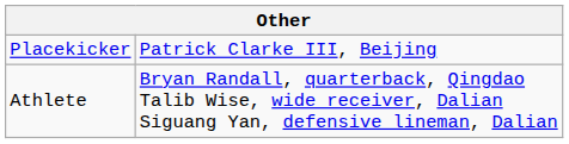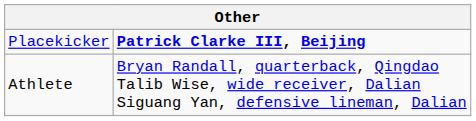 <table class="wikitable">
 <tr>
 <th colspan="6">Other</th>
 </tr>
 <tr>
 <td><a href='#'>Placekicker</a></td>
-<td><a href='#'>Patrick Clarke III</a>, <a href='#'>Beijing</a></td>
+<td><strong><a href='#'>Patrick Clarke III</a>, <a href='#'>Beijing</a></strong></td>
 </tr>
 <tr>
 <td>Athlete</td>
 <td><a href='#'>Bryan Randall</a>, <a href='#'>quarterback</a>, <a href='#'>Qingdao</a><br>Talib Wise, <a href='#'>wide receiver</a>, <a href='#'>Dalian</a><br>Siguang Yan, <a href='#'>defensive lineman</a>, <a href='#'>Dalian</a></td>
 </tr>
 </table>
